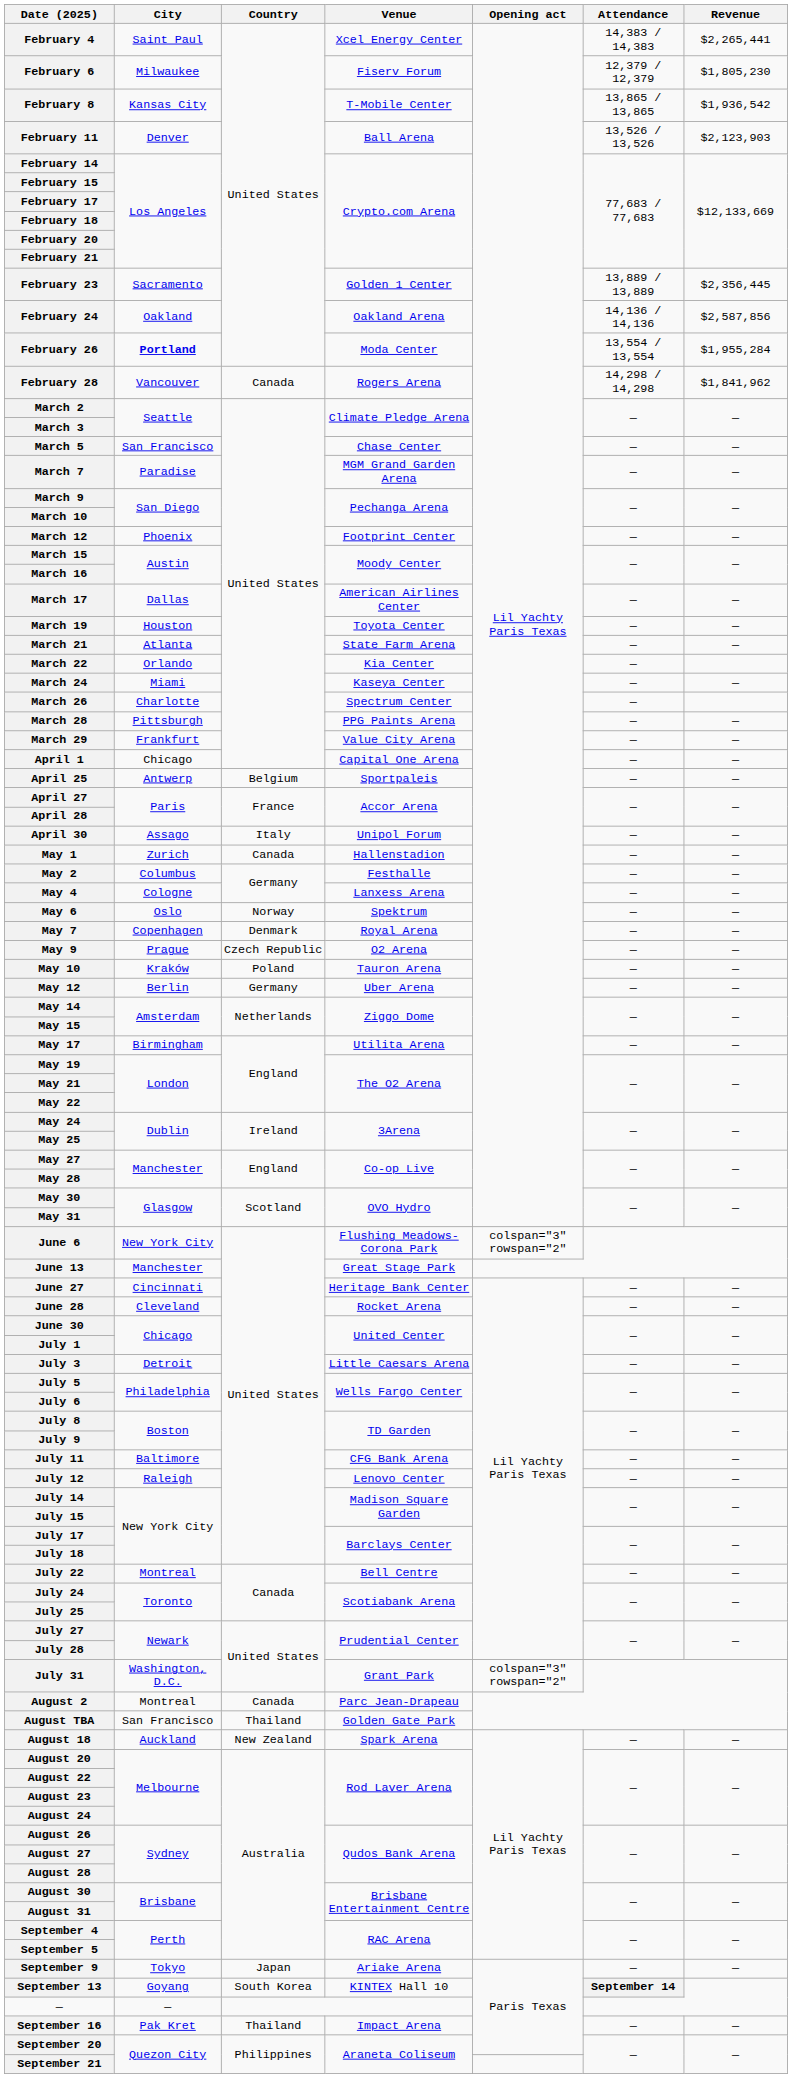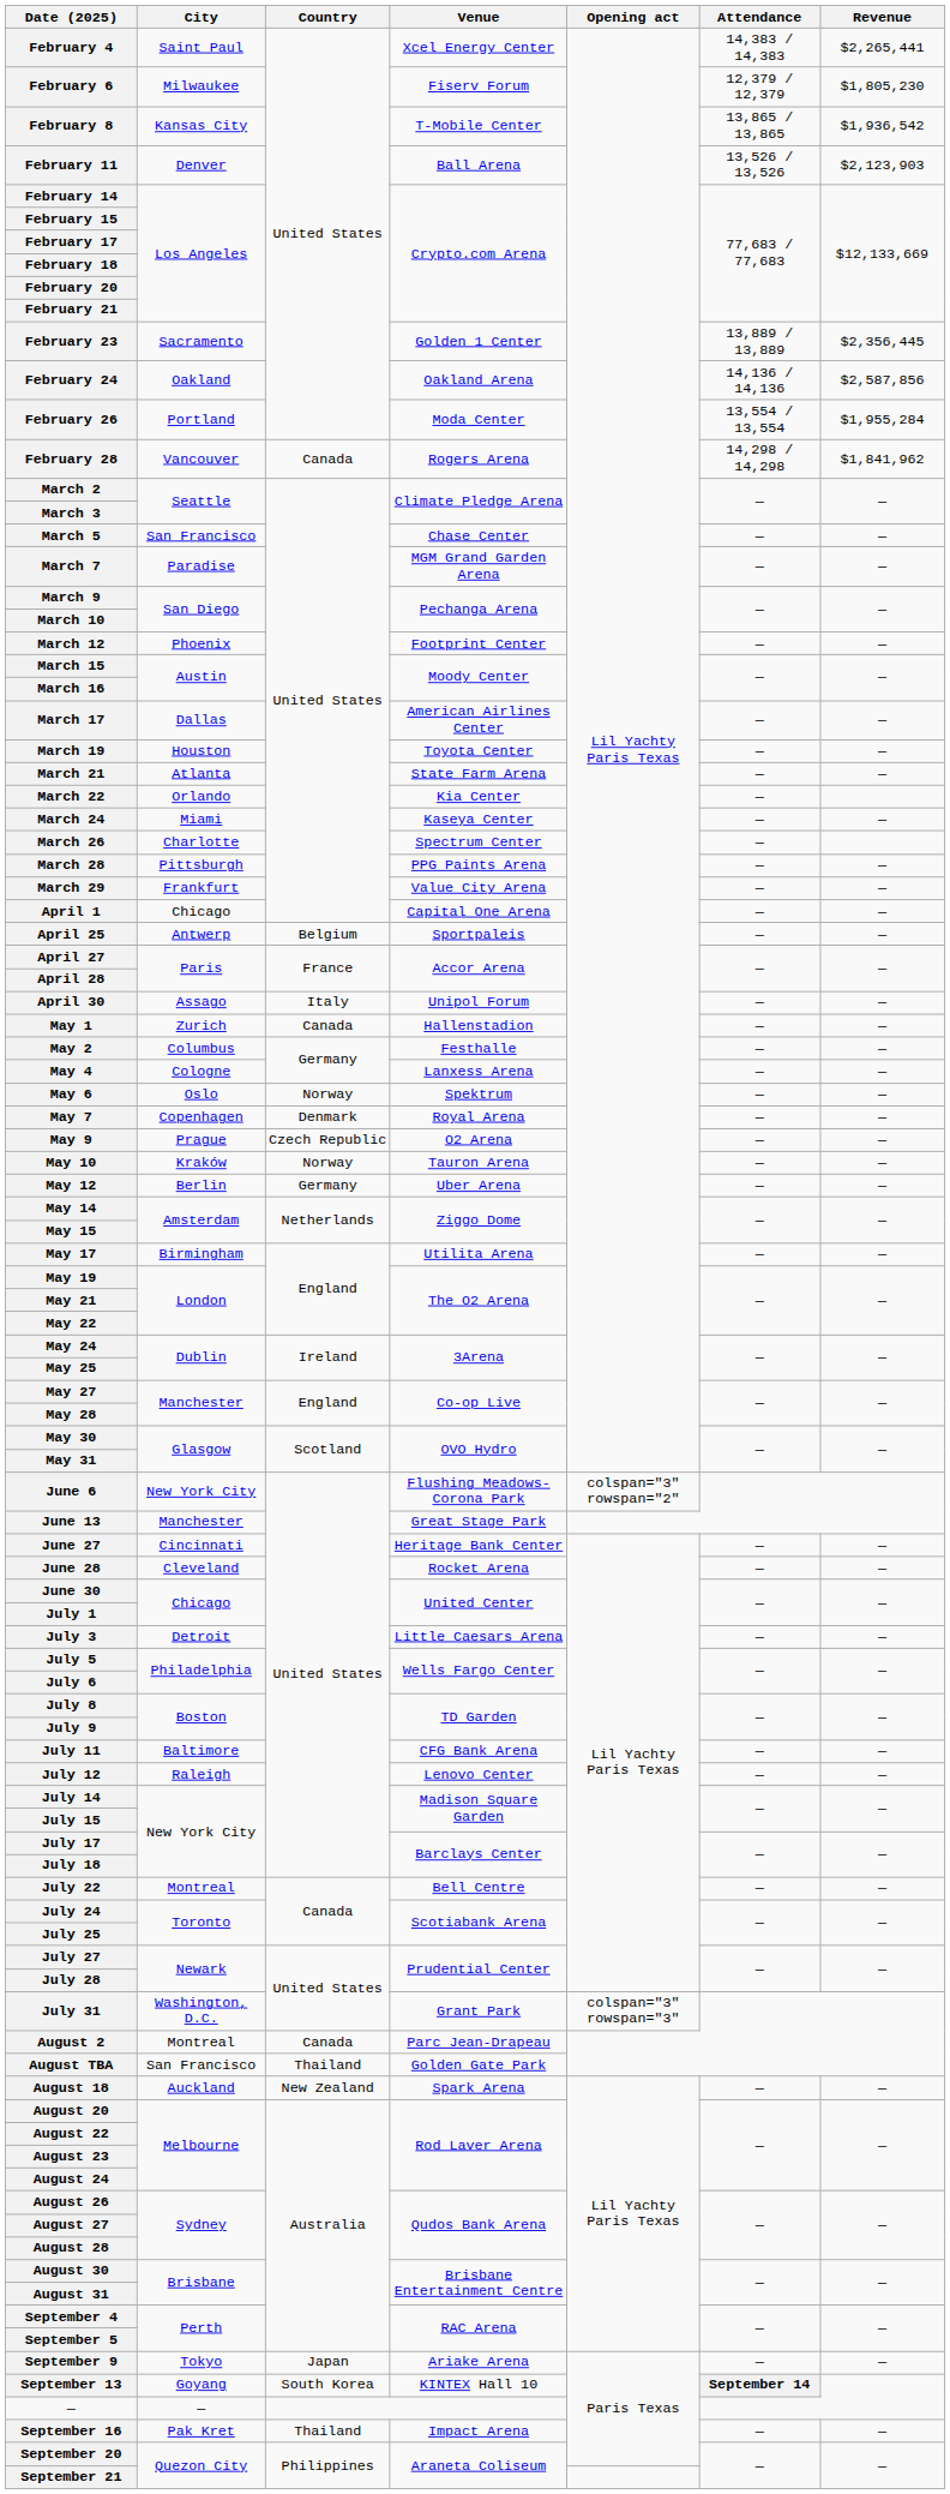 <table class="wikitable plainrowheaders" style="text-align:center;">
 <tr>
 <th scope="col" style="width:12em;">Date (2025)</th>
 <th scope="col" style="width:10em;">City</th>
 <th scope="col" style="width:10em;">Country</th>
 <th scope="col" style="width:16em;">Venue</th>
 <th scope="col" style="width:11em;">Opening act</th>
 <th scope="col" style="width:10em;">Attendance</th>
 <th scope="col" style="width:10em;">Revenue</th>
 </tr>
 <tr>
 <th scope="row" style="text-align:center;">February 4</th>
 <td><a href='#'>Saint Paul</a></td>
 <td rowspan="13">United States</td>
 <td><a href='#'>Xcel Energy Center</a></td>
 <td rowspan="56"><a href='#'>Lil Yachty</a><br><a href='#'>Paris Texas</a></td>
 <td>14,383 / 14,383</td>
 <td>$2,265,441</td>
 </tr>
 <tr>
 <th scope="row" style="text-align:center;">February 6</th>
 <td><a href='#'>Milwaukee</a></td>
 <td><a href='#'>Fiserv Forum</a></td>
 <td>12,379 / 12,379</td>
 <td>$1,805,230</td>
 </tr>
 <tr>
 <th scope="row" style="text-align:center;">February 8</th>
 <td><a href='#'>Kansas City</a></td>
 <td><a href='#'>T-Mobile Center</a></td>
 <td>13,865 / 13,865</td>
 <td>$1,936,542</td>
 </tr>
 <tr>
 <th scope="row" style="text-align:center;">February 11</th>
 <td><a href='#'>Denver</a></td>
 <td><a href='#'>Ball Arena</a></td>
 <td>13,526 / 13,526</td>
 <td>$2,123,903</td>
 </tr>
 <tr>
 <th scope="row" style="text-align:center;">February 14</th>
 <td rowspan="6"><a href='#'>Los Angeles</a></td>
 <td rowspan="6"><a href='#'>Crypto.com Arena</a></td>
 <td rowspan="6">77,683 / 77,683</td>
 <td rowspan="6">$12,133,669</td>
 </tr>
 <tr>
 <th scope="row" style="text-align:center;">February 15</th>
 </tr>
 <tr>
 <th scope="row" style="text-align:center;">February 17</th>
 </tr>
 <tr>
 <th scope="row" style="text-align:center;">February 18</th>
 </tr>
 <tr>
 <th scope="row" style="text-align:center;">February 20</th>
 </tr>
 <tr>
 <th scope="row" style="text-align:center;">February 21</th>
 </tr>
 <tr>
 <th scope="row" style="text-align:center;">February 23</th>
 <td><a href='#'>Sacramento</a></td>
 <td><a href='#'>Golden 1 Center</a></td>
 <td>13,889 / 13,889</td>
 <td>$2,356,445</td>
 </tr>
 <tr>
 <th scope="row" style="text-align:center;">February 24</th>
 <td><a href='#'>Oakland</a></td>
 <td><a href='#'>Oakland Arena</a></td>
 <td>14,136 / 14,136</td>
 <td>$2,587,856</td>
 </tr>
 <tr>
 <th scope="row" style="text-align:center;">February 26</th>
-<td><strong><a href='#'>Portland</a></strong></td>
+<td><a href='#'>Portland</a></td>
 <td><a href='#'>Moda Center</a></td>
 <td>13,554 / 13,554</td>
 <td>$1,955,284</td>
 </tr>
 <tr>
 <th scope="row" style="text-align:center;">February 28</th>
 <td><a href='#'>Vancouver</a></td>
 <td>Canada</td>
 <td><a href='#'>Rogers Arena</a></td>
 <td>14,298 / 14,298</td>
 <td>$1,841,962</td>
 </tr>
 <tr>
 <th scope="row" style="text-align:center;">March 2</th>
 <td rowspan="2"><a href='#'>Seattle</a></td>
 <td rowspan="18">United States</td>
 <td rowspan="2"><a href='#'>Climate Pledge Arena</a></td>
 <td rowspan="2">—</td>
 <td rowspan="2">—</td>
 </tr>
 <tr>
 <th scope="row" style="text-align:center;">March 3</th>
 </tr>
 <tr>
 <th scope="row" style="text-align:center;">March 5</th>
 <td><a href='#'>San Francisco</a></td>
 <td><a href='#'>Chase Center</a></td>
 <td>—</td>
 <td>—</td>
 </tr>
 <tr>
 <th scope="row" style="text-align:center;">March 7</th>
 <td><a href='#'>Paradise</a></td>
 <td><a href='#'>MGM Grand Garden Arena</a></td>
 <td>—</td>
 <td>—</td>
 </tr>
 <tr>
 <th scope="row" style="text-align:center;">March 9</th>
 <td rowspan="2"><a href='#'>San Diego</a></td>
 <td rowspan="2"><a href='#'>Pechanga Arena</a></td>
 <td rowspan="2">—</td>
 <td rowspan="2">—</td>
 </tr>
 <tr>
 <th scope="row" style="text-align:center;">March 10</th>
 </tr>
 <tr>
 <th scope="row" style="text-align:center;">March 12</th>
 <td><a href='#'>Phoenix</a></td>
 <td><a href='#'>Footprint Center</a></td>
 <td>—</td>
 <td>—</td>
 </tr>
 <tr>
 <th scope="row" style="text-align:center;">March 15</th>
 <td rowspan="2"><a href='#'>Austin</a></td>
 <td rowspan="2"><a href='#'>Moody Center</a></td>
 <td rowspan="2">—</td>
 <td rowspan="2">—</td>
 </tr>
 <tr>
 <th scope="row" style="text-align:center;">March 16</th>
 </tr>
 <tr>
 <th scope="row" style="text-align:center;">March 17</th>
 <td><a href='#'>Dallas</a></td>
 <td><a href='#'>American Airlines Center</a></td>
 <td>—</td>
 <td>—</td>
 </tr>
 <tr>
 <th scope="row" style="text-align:center;">March 19</th>
 <td><a href='#'>Houston</a></td>
 <td><a href='#'>Toyota Center</a></td>
 <td>—</td>
 <td>—</td>
 </tr>
 <tr>
 <th scope="row" style="text-align:center;">March 21</th>
 <td><a href='#'>Atlanta</a></td>
 <td><a href='#'>State Farm Arena</a></td>
 <td>—</td>
 <td>—</td>
 </tr>
 <tr>
 <th scope="row" style="text-align:center;">March 22</th>
 <td><a href='#'>Orlando</a></td>
 <td><a href='#'>Kia Center</a></td>
 <td>—</td>
 </tr>
 <tr>
 <th scope="row" style="text-align:center;">March 24</th>
 <td><a href='#'>Miami</a></td>
 <td><a href='#'>Kaseya Center</a></td>
 <td>—</td>
 <td>—</td>
 </tr>
 <tr>
 <th scope="row" style="text-align:center;">March 26</th>
 <td><a href='#'>Charlotte</a></td>
 <td><a href='#'>Spectrum Center</a></td>
 <td>—</td>
 </tr>
 <tr>
 <th scope="row" style="text-align:center;">March 28</th>
 <td><a href='#'>Pittsburgh</a></td>
 <td><a href='#'>PPG Paints Arena</a></td>
 <td>—</td>
 <td>—</td>
 </tr>
 <tr>
 <th scope="row" style="text-align:center;">March 29</th>
 <td><a href='#'>Frankfurt</a></td>
 <td><a href='#'>Value City Arena</a></td>
 <td>—</td>
 <td>—</td>
 </tr>
 <tr>
 <th scope="row" style="text-align:center;">April 1</th>
 <td>Chicago</td>
 <td><a href='#'>Capital One Arena</a></td>
 <td>—</td>
 <td>—</td>
 </tr>
 <tr>
 <th scope="row" style="text-align:center;">April 25</th>
 <td><a href='#'>Antwerp</a></td>
 <td>Belgium</td>
 <td><a href='#'>Sportpaleis</a></td>
 <td>—</td>
 <td>—</td>
 </tr>
 <tr>
 <th scope="row" style="text-align:center;">April 27</th>
 <td rowspan="2"><a href='#'>Paris</a></td>
 <td rowspan="2">France</td>
 <td rowspan="2"><a href='#'>Accor Arena</a></td>
 <td rowspan="2">—</td>
 <td rowspan="2">—</td>
 </tr>
 <tr>
 <th scope="row" style="text-align:center;">April 28</th>
 </tr>
 <tr>
 <th scope="row" style="text-align:center;">April 30</th>
 <td><a href='#'>Assago</a></td>
 <td>Italy</td>
 <td><a href='#'>Unipol Forum</a></td>
 <td>—</td>
 <td>—</td>
 </tr>
 <tr>
 <th scope="row" style="text-align:center;">May 1</th>
 <td><a href='#'>Zurich</a></td>
 <td>Canada</td>
 <td><a href='#'>Hallenstadion</a></td>
 <td>—</td>
 <td>—</td>
 </tr>
 <tr>
 <th scope="row" style="text-align:center;">May 2</th>
 <td><a href='#'>Columbus</a></td>
 <td rowspan="2">Germany</td>
 <td><a href='#'>Festhalle</a></td>
 <td>—</td>
 <td>—</td>
 </tr>
 <tr>
 <th scope="row" style="text-align:center;">May 4</th>
 <td><a href='#'>Cologne</a></td>
 <td><a href='#'>Lanxess Arena</a></td>
 <td>—</td>
 <td>—</td>
 </tr>
 <tr>
 <th scope="row" style="text-align:center;">May 6</th>
 <td><a href='#'>Oslo</a></td>
 <td>Norway</td>
 <td><a href='#'>Spektrum</a></td>
 <td>—</td>
 <td>—</td>
 </tr>
 <tr>
 <th scope="row" style="text-align:center;">May 7</th>
 <td><a href='#'>Copenhagen</a></td>
 <td>Denmark</td>
 <td><a href='#'>Royal Arena</a></td>
 <td>—</td>
 <td>—</td>
 </tr>
 <tr>
 <th scope="row" style="text-align:center;">May 9</th>
 <td><a href='#'>Prague</a></td>
 <td>Czech Republic</td>
 <td><a href='#'>O2 Arena</a></td>
 <td>—</td>
 <td>—</td>
 </tr>
 <tr>
 <th scope="row" style="text-align:center;">May 10</th>
 <td><a href='#'>Kraków</a></td>
-<td>Poland</td>
+<td>Norway</td>
 <td><a href='#'>Tauron Arena</a></td>
 <td>—</td>
 <td>—</td>
 </tr>
 <tr>
 <th scope="row" style="text-align:center;">May 12</th>
 <td><a href='#'>Berlin</a></td>
 <td>Germany</td>
 <td><a href='#'>Uber Arena</a></td>
 <td>—</td>
 <td>—</td>
 </tr>
 <tr>
 <th scope="row" style="text-align:center;">May 14</th>
 <td rowspan="2"><a href='#'>Amsterdam</a></td>
 <td rowspan="2">Netherlands</td>
 <td rowspan="2"><a href='#'>Ziggo Dome</a></td>
 <td rowspan="2">—</td>
 <td rowspan="2">—</td>
 </tr>
 <tr>
 <th scope="row" style="text-align:center;">May 15</th>
 </tr>
 <tr>
 <th scope="row" style="text-align:center;">May 17</th>
 <td><a href='#'>Birmingham</a></td>
 <td rowspan="4">England</td>
 <td><a href='#'>Utilita Arena</a></td>
 <td>—</td>
 <td>—</td>
 </tr>
 <tr>
 <th scope="row" style="text-align:center;">May 19</th>
 <td rowspan="3"><a href='#'>London</a></td>
 <td rowspan="3"><a href='#'>The O2 Arena</a></td>
 <td rowspan="3">—</td>
 <td rowspan="3">—</td>
 </tr>
 <tr>
 <th scope="row" style="text-align:center;">May 21</th>
 </tr>
 <tr>
 <th scope="row" style="text-align:center;">May 22</th>
 </tr>
 <tr>
 <th scope="row" style="text-align:center;">May 24</th>
 <td rowspan="2"><a href='#'>Dublin</a></td>
 <td rowspan="2">Ireland</td>
 <td rowspan="2"><a href='#'>3Arena</a></td>
 <td rowspan="2">—</td>
 <td rowspan="2">—</td>
 </tr>
 <tr>
 <th scope="row" style="text-align:center;">May 25</th>
 </tr>
 <tr>
 <th scope="row" style="text-align:center;">May 27</th>
 <td rowspan="2"><a href='#'>Manchester</a></td>
 <td rowspan="2">England</td>
 <td rowspan="2"><a href='#'>Co-op Live</a></td>
 <td rowspan="2">—</td>
 <td rowspan="2">—</td>
 </tr>
 <tr>
 <th scope="row" style="text-align:center;">May 28</th>
 </tr>
 <tr>
 <th scope="row" style="text-align:center;">May 30</th>
 <td rowspan="2"><a href='#'>Glasgow</a></td>
 <td rowspan="2">Scotland</td>
 <td rowspan="2"><a href='#'>OVO Hydro</a></td>
 <td rowspan="2">—</td>
 <td rowspan="2">—</td>
 </tr>
 <tr>
 <th scope="row" style="text-align:center;">May 31</th>
 </tr>
 <tr>
 <th scope="row" style="text-align:center;">June 6</th>
 <td><a href='#'>New York City</a></td>
 <td rowspan="17">United States</td>
 <td><a href='#'>Flushing Meadows-Corona Park</a></td>
 <td>colspan="3" rowspan="2" </td>
 </tr>
 <tr>
 <th scope="row" style="text-align:center;">June 13</th>
 <td><a href='#'>Manchester</a></td>
 <td><a href='#'>Great Stage Park</a></td>
 </tr>
 <tr>
 <th scope="row" style="text-align:center;">June 27</th>
 <td><a href='#'>Cincinnati</a></td>
 <td><a href='#'>Heritage Bank Center</a></td>
 <td rowspan="20">Lil Yachty<br>Paris Texas</td>
 <td>—</td>
 <td>—</td>
 </tr>
 <tr>
 <th scope="row" style="text-align:center;">June 28</th>
 <td><a href='#'>Cleveland</a></td>
 <td><a href='#'>Rocket Arena</a></td>
 <td>—</td>
 <td>—</td>
 </tr>
 <tr>
 <th scope="row" style="text-align:center;">June 30</th>
 <td rowspan="2"><a href='#'>Chicago</a></td>
 <td rowspan="2"><a href='#'>United Center</a></td>
 <td rowspan="2">—</td>
 <td rowspan="2">—</td>
 </tr>
 <tr>
 <th scope="row" style="text-align:center;">July 1</th>
 </tr>
 <tr>
 <th scope="row" style="text-align:center;">July 3</th>
 <td><a href='#'>Detroit</a></td>
 <td><a href='#'>Little Caesars Arena</a></td>
 <td>—</td>
 <td>—</td>
 </tr>
 <tr>
 <th scope="row" style="text-align:center;">July 5</th>
 <td rowspan="2"><a href='#'>Philadelphia</a></td>
 <td rowspan="2"><a href='#'>Wells Fargo Center</a></td>
 <td rowspan="2">—</td>
 <td rowspan="2">—</td>
 </tr>
 <tr>
 <th scope="row" style="text-align:center;">July 6</th>
 </tr>
 <tr>
 <th scope="row" style="text-align:center;">July 8</th>
 <td rowspan="2"><a href='#'>Boston</a></td>
 <td rowspan="2"><a href='#'>TD Garden</a></td>
 <td rowspan="2">—</td>
 <td rowspan="2">—</td>
 </tr>
 <tr>
 <th scope="row" style="text-align:center;">July 9</th>
 </tr>
 <tr>
 <th scope="row" style="text-align:center;">July 11</th>
 <td><a href='#'>Baltimore</a></td>
 <td><a href='#'>CFG Bank Arena</a></td>
 <td>—</td>
 <td>—</td>
 </tr>
 <tr>
 <th scope="row" style="text-align:center;">July 12</th>
 <td><a href='#'>Raleigh</a></td>
 <td><a href='#'>Lenovo Center</a></td>
 <td>—</td>
 <td>—</td>
 </tr>
 <tr>
 <th scope="row" style="text-align:center;">July 14</th>
 <td rowspan="4">New York City</td>
 <td rowspan="2"><a href='#'>Madison Square Garden</a></td>
 <td rowspan="2">—</td>
 <td rowspan="2">—</td>
 </tr>
 <tr>
 <th scope="row" style="text-align:center;">July 15</th>
 </tr>
 <tr>
 <th scope="row" style="text-align:center;">July 17</th>
 <td rowspan="2"><a href='#'>Barclays Center</a></td>
 <td rowspan="2">—</td>
 <td rowspan="2">—</td>
 </tr>
 <tr>
 <th scope="row" style="text-align:center;">July 18</th>
 </tr>
 <tr>
 <th scope="row" style="text-align:center;">July 22</th>
 <td><a href='#'>Montreal</a></td>
 <td rowspan="3">Canada</td>
 <td><a href='#'>Bell Centre</a></td>
 <td>—</td>
 <td>—</td>
 </tr>
 <tr>
 <th scope="row" style="text-align:center;">July 24</th>
 <td rowspan="2"><a href='#'>Toronto</a></td>
 <td rowspan="2"><a href='#'>Scotiabank Arena</a></td>
 <td rowspan="2">—</td>
 <td rowspan="2">—</td>
 </tr>
 <tr>
 <th scope="row" style="text-align:center;">July 25</th>
 </tr>
 <tr>
 <th scope="row" style="text-align:center;">July 27</th>
 <td rowspan="2"><a href='#'>Newark</a></td>
 <td rowspan="3">United States</td>
 <td rowspan="2"><a href='#'>Prudential Center</a></td>
 <td rowspan="2">—</td>
 <td rowspan="2">—</td>
 </tr>
 <tr>
 <th scope="row" style="text-align:center;">July 28</th>
 </tr>
 <tr>
 <th scope="row" style="text-align:center;">July 31</th>
 <td><a href='#'>Washington, D.C.</a></td>
 <td><a href='#'>Grant Park</a></td>
-<td>colspan="3" rowspan="2" </td>
+<td>colspan="3" rowspan="3" </td>
 </tr>
 <tr>
 <th scope="row" style="text-align:center;">August 2</th>
 <td>Montreal</td>
 <td>Canada</td>
 <td><a href='#'>Parc Jean-Drapeau</a></td>
 </tr>
 <tr>
 <th scope="row" style="text-align:center;">August TBA</th>
 <td>San Francisco</td>
 <td>Thailand</td>
 <td><a href='#'>Golden Gate Park</a></td>
 </tr>
 <tr>
 <th scope="row" style="text-align:center;">August 18</th>
 <td><a href='#'>Auckland</a></td>
 <td>New Zealand</td>
 <td><a href='#'>Spark Arena</a></td>
 <td rowspan="12">Lil Yachty<br>Paris Texas</td>
 <td>—</td>
 <td>—</td>
 </tr>
 <tr>
 <th scope="row" style="text-align:center;">August 20</th>
 <td rowspan="4"><a href='#'>Melbourne</a></td>
 <td rowspan="11">Australia</td>
 <td rowspan="4"><a href='#'>Rod Laver Arena</a></td>
 <td rowspan="4">—</td>
 <td rowspan="4">—</td>
 </tr>
 <tr>
 <th scope="row" style="text-align:center;">August 22</th>
 </tr>
 <tr>
 <th scope="row" style="text-align:center;">August 23</th>
 </tr>
 <tr>
 <th scope="row" style="text-align:center;">August 24</th>
 </tr>
 <tr>
 <th scope="row" style="text-align:center;">August 26</th>
 <td rowspan="3"><a href='#'>Sydney</a></td>
 <td rowspan="3"><a href='#'>Qudos Bank Arena</a></td>
 <td rowspan="3">—</td>
 <td rowspan="3">—</td>
 </tr>
 <tr>
 <th scope="row" style="text-align:center;">August 27</th>
 </tr>
 <tr>
 <th scope="row" style="text-align:center;">August 28</th>
 </tr>
 <tr>
 <th scope="row" style="text-align:center;">August 30</th>
 <td rowspan="2"><a href='#'>Brisbane</a></td>
 <td rowspan="2"><a href='#'>Brisbane Entertainment Centre</a></td>
 <td rowspan="2">—</td>
 <td rowspan="2">—</td>
 </tr>
 <tr>
 <th scope="row" style="text-align:center;">August 31</th>
 </tr>
 <tr>
 <th scope="row" style="text-align:center;">September 4</th>
 <td rowspan="2"><a href='#'>Perth</a></td>
 <td rowspan="2"><a href='#'>RAC Arena</a></td>
 <td rowspan="2">—</td>
 <td rowspan="2">—</td>
 </tr>
 <tr>
 <th scope="row" style="text-align:center;">September 5</th>
 </tr>
 <tr>
 <th scope="row" style="text-align:center;">September 9</th>
 <td><a href='#'>Tokyo</a></td>
 <td>Japan</td>
 <td><a href='#'>Ariake Arena</a></td>
 <td rowspan="5">Paris Texas</td>
 <td>—</td>
 <td>—</td>
 </tr>
 <tr>
 <th scope="row" style="text-align:center;">September 13</th>
 <td><a href='#'>Goyang</a></td>
 <td>South Korea</td>
 <td><a href='#'>KINTEX</a> Hall 10</td>
 <th scope="row" style="text-align:center;">September 14</th>
 </tr>
 <tr>
 <td>—</td>
 <td>—</td>
 </tr>
 <tr>
 <th scope="row" style="text-align:center;">September 16</th>
 <td><a href='#'>Pak Kret</a></td>
 <td>Thailand</td>
 <td><a href='#'>Impact Arena</a></td>
 <td>—</td>
 <td>—</td>
 </tr>
 <tr>
 <th scope="row" style="text-align:center;">September 20</th>
 <td rowspan="2"><a href='#'>Quezon City</a></td>
 <td rowspan="2">Philippines</td>
 <td rowspan="2"><a href='#'>Araneta Coliseum</a></td>
 <td rowspan="2">—</td>
 <td rowspan="2">—</td>
 </tr>
 <tr>
 <th scope="row" style="text-align:center;">September 21</th>
 </tr>
 </table>
